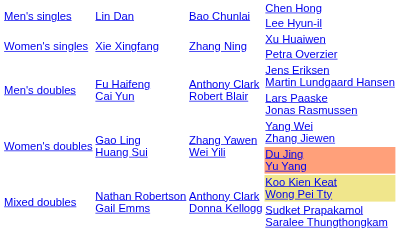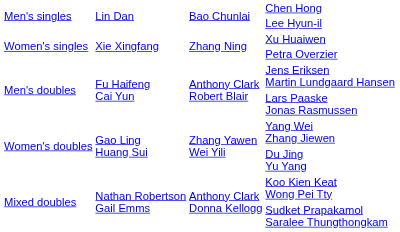 <table>
 <tr>
 <td rowspan=2><a href='#'>Men's singles</a></td>
 <td rowspan=2> <a href='#'>Lin Dan</a></td>
 <td rowspan=2> <a href='#'>Bao Chunlai</a></td>
 <td> <a href='#'>Chen Hong</a></td>
 </tr>
 <tr>
 <td> <a href='#'>Lee Hyun-il</a></td>
 </tr>
 <tr>
 <td rowspan=2><a href='#'>Women's singles</a></td>
 <td rowspan=2> <a href='#'>Xie Xingfang</a></td>
 <td rowspan=2> <a href='#'>Zhang Ning</a></td>
 <td> <a href='#'>Xu Huaiwen</a></td>
 </tr>
 <tr>
 <td> <a href='#'>Petra Overzier</a></td>
 </tr>
 <tr>
 <td rowspan=2><a href='#'>Men's doubles</a></td>
 <td rowspan=2> <a href='#'>Fu Haifeng</a><br> <a href='#'>Cai Yun</a></td>
 <td rowspan=2> <a href='#'>Anthony Clark</a><br> <a href='#'>Robert Blair</a></td>
 <td> <a href='#'>Jens Eriksen</a><br> <a href='#'>Martin Lundgaard Hansen</a></td>
 </tr>
 <tr>
 <td> <a href='#'>Lars Paaske</a><br> <a href='#'>Jonas Rasmussen</a></td>
 </tr>
 <tr>
 <td rowspan=2><a href='#'>Women's doubles</a></td>
 <td rowspan=2> <a href='#'>Gao Ling</a><br> <a href='#'>Huang Sui</a></td>
 <td rowspan=2> <a href='#'>Zhang Yawen</a><br> <a href='#'>Wei Yili</a></td>
 <td> <a href='#'>Yang Wei</a><br> <a href='#'>Zhang Jiewen</a></td>
 </tr>
 <tr>
-<td style="background: lightsalmon;"> <a href='#'>Du Jing</a><br>  <a href='#'>Yu Yang</a></td>
+<td> <a href='#'>Du Jing</a><br>  <a href='#'>Yu Yang</a></td>
 </tr>
 <tr>
 <td rowspan=2><a href='#'>Mixed doubles</a></td>
 <td rowspan=2> <a href='#'>Nathan Robertson</a><br>  <a href='#'>Gail Emms</a></td>
 <td rowspan=2> <a href='#'>Anthony Clark</a><br>  <a href='#'>Donna Kellogg</a></td>
-<td style="background: khaki;"> <a href='#'>Koo Kien Keat</a><br> <a href='#'>Wong Pei Tty</a></td>
+<td> <a href='#'>Koo Kien Keat</a><br> <a href='#'>Wong Pei Tty</a></td>
 </tr>
 <tr>
 <td> <a href='#'>Sudket Prapakamol</a><br> <a href='#'>Saralee Thungthongkam</a></td>
 </tr>
 </table>
